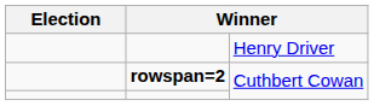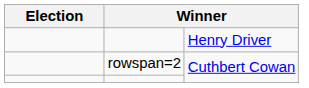 <table class=wikitable>
 <tr>
 <th width=100>Election</th>
 <th width=175 colspan=2>Winner</th>
 </tr>
 <tr>
 <td></td>
 <td></td>
 <td><a href='#'>Henry Driver</a></td>
 </tr>
 <tr>
 <td></td>
-<td><strong>rowspan=2 </strong></td>
+<td>rowspan=2 </td>
 <td rowspan=2><a href='#'>Cuthbert Cowan</a></td>
 </tr>
 <tr>
 <td></td>
 </tr>
 </table>
